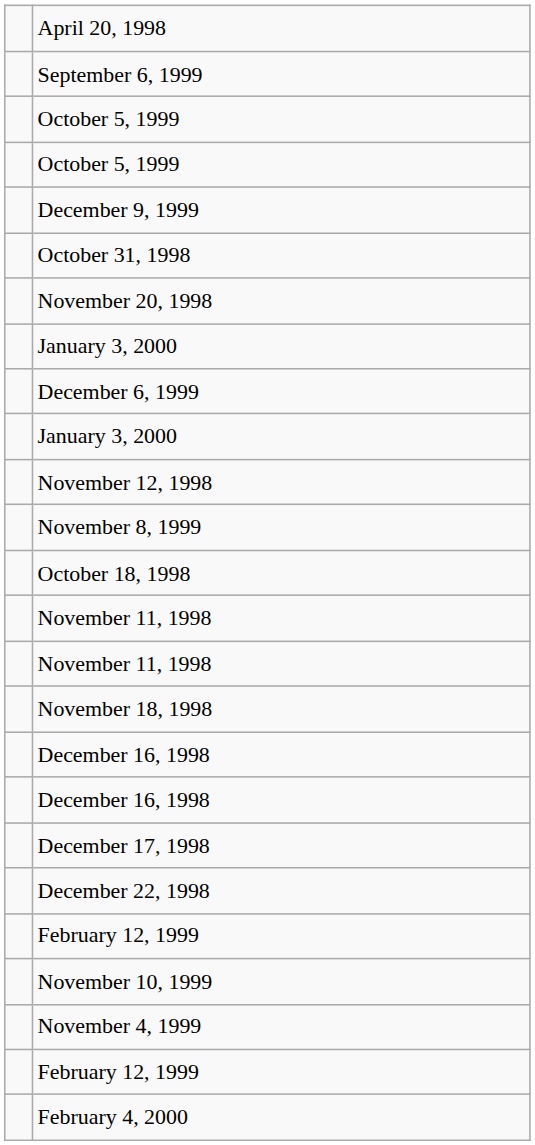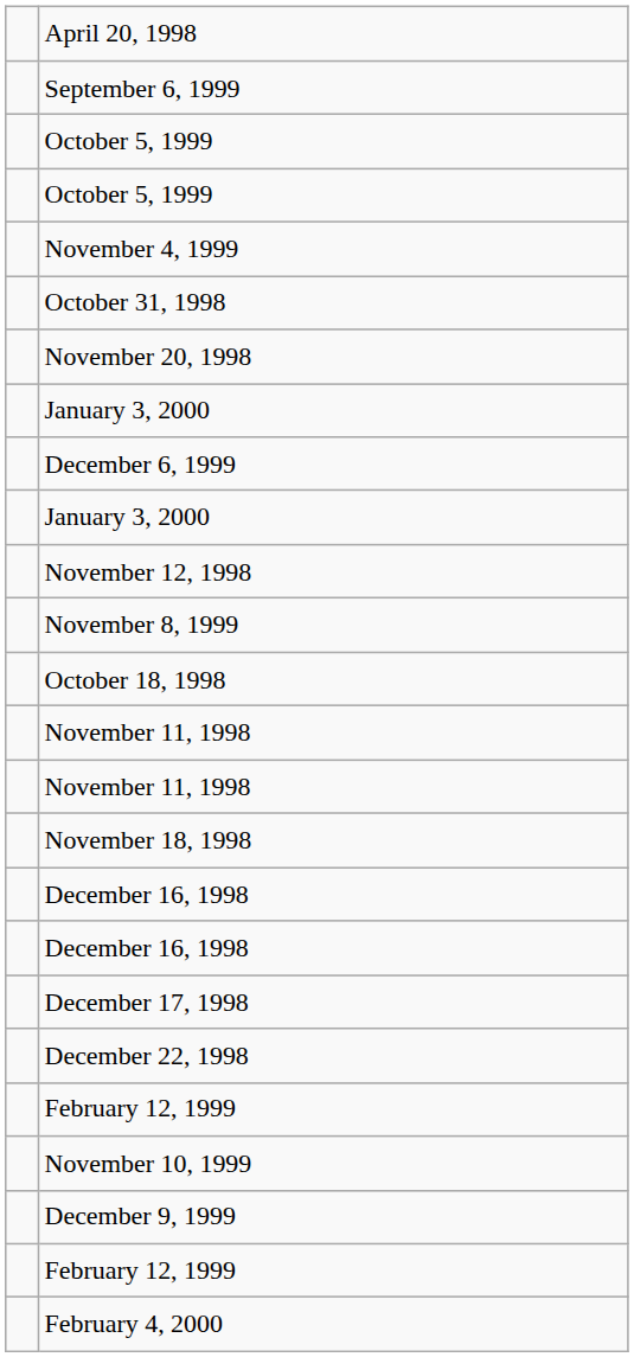 <table class="wikitable" style="font-size: 89%; float: left; width: 24em; margin-right: 1em; line-height: 1.6em !important; height: 625px;">
 <tr>
 <td></td>
 <td>April 20, 1998</td>
 </tr>
 <tr>
 <td></td>
 <td>September 6, 1999</td>
 </tr>
 <tr>
 <td></td>
 <td>October 5, 1999</td>
 </tr>
 <tr>
 <td></td>
 <td>October 5, 1999</td>
 </tr>
 <tr>
 <td></td>
-<td>December 9, 1999</td>
+<td>November 4, 1999</td>
 </tr>
 <tr>
 <td></td>
 <td>October 31, 1998</td>
 </tr>
 <tr>
 <td></td>
 <td>November 20, 1998</td>
 </tr>
 <tr>
 <td></td>
 <td>January 3, 2000</td>
 </tr>
 <tr>
 <td></td>
 <td>December 6, 1999</td>
 </tr>
 <tr>
 <td></td>
 <td>January 3, 2000</td>
 </tr>
 <tr>
 <td></td>
 <td>November 12, 1998</td>
 </tr>
 <tr>
 <td></td>
 <td>November 8, 1999</td>
 </tr>
 <tr>
 <td></td>
 <td>October 18, 1998</td>
 </tr>
 <tr>
 <td></td>
 <td>November 11, 1998</td>
 </tr>
 <tr>
 <td></td>
 <td>November 11, 1998</td>
 </tr>
 <tr>
 <td></td>
 <td>November 18, 1998</td>
 </tr>
 <tr>
 <td></td>
 <td>December 16, 1998</td>
 </tr>
 <tr>
 <td></td>
 <td>December 16, 1998</td>
 </tr>
 <tr>
 <td></td>
 <td>December 17, 1998</td>
 </tr>
 <tr>
 <td></td>
 <td>December 22, 1998</td>
 </tr>
 <tr>
 <td></td>
 <td>February 12, 1999</td>
 </tr>
 <tr>
 <td></td>
 <td>November 10, 1999</td>
 </tr>
 <tr>
 <td></td>
-<td>November 4, 1999</td>
+<td>December 9, 1999</td>
 </tr>
 <tr>
 <td></td>
 <td>February 12, 1999</td>
 </tr>
 <tr>
 <td></td>
 <td>February 4, 2000</td>
 </tr>
 </table>
